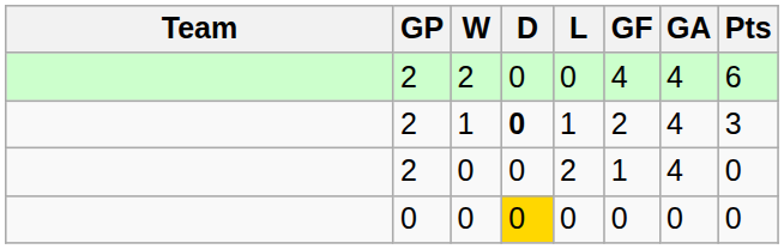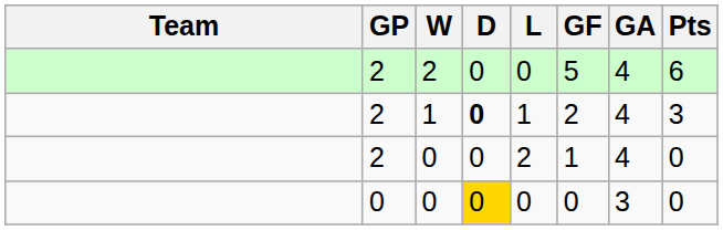 <table class="wikitable">
 <tr>
 <th width=200>Team</th>
 <th width=20 abbr="Played">GP</th>
 <th width=20 abbr="Won">W</th>
 <th width=20 abbr="Drawn">D</th>
 <th width=20 abbr="Lost">L</th>
 <th width=20 abbr="Goals for">GF</th>
 <th width=20 abbr="Goals against">GA</th>
 <th width=20 abbr="Points">Pts</th>
 </tr>
 <tr bgcolor=ccffcc>
 <td></td>
 <td>2</td>
 <td>2</td>
 <td>0</td>
 <td>0</td>
-<td>4</td>
+<td>5</td>
 <td>4</td>
 <td>6</td>
 </tr>
 <tr>
 <td></td>
 <td>2</td>
 <td>1</td>
 <td><strong>0</strong></td>
 <td>1</td>
 <td>2</td>
 <td>4</td>
 <td>3</td>
 </tr>
 <tr>
 <td></td>
 <td>2</td>
 <td>0</td>
 <td>0</td>
 <td>2</td>
 <td>1</td>
 <td>4</td>
 <td>0</td>
 </tr>
 <tr>
 <td></td>
 <td>0</td>
 <td>0</td>
 <td style="background: gold;">0</td>
 <td>0</td>
 <td>0</td>
-<td>0</td>
+<td>3</td>
 <td>0</td>
 </tr>
 </table>
